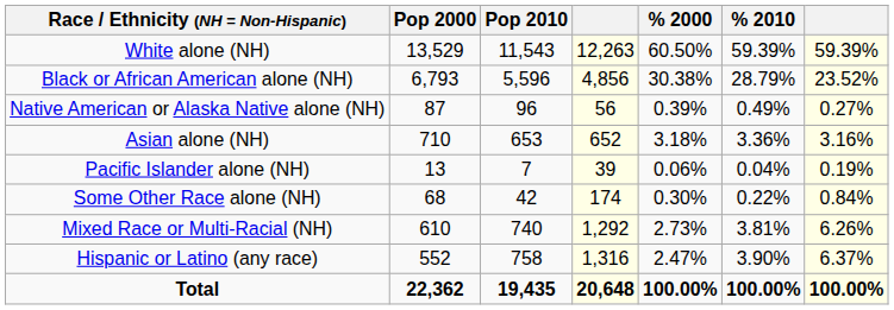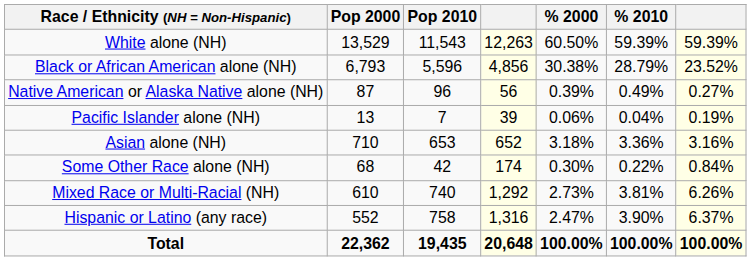 <table class="wikitable"  style="text-align:center;">
 <tr>
 <th>Race / Ethnicity <small>(<em>NH = Non-Hispanic</em>)</small></th>
 <th>Pop 2000</th>
 <th>Pop 2010</th>
 <th></th>
 <th>% 2000</th>
 <th>% 2010</th>
 <th></th>
 </tr>
 <tr>
 <td><a href='#'>White</a> alone (NH)</td>
 <td>13,529</td>
 <td>11,543</td>
 <td style='background: #ffffe6;'>12,263</td>
 <td>60.50%</td>
 <td>59.39%</td>
 <td style='background: #ffffe6;'>59.39%</td>
 </tr>
 <tr>
 <td><a href='#'>Black or African American</a> alone (NH)</td>
 <td>6,793</td>
 <td>5,596</td>
 <td style='background: #ffffe6;'>4,856</td>
 <td>30.38%</td>
 <td>28.79%</td>
 <td style='background: #ffffe6;'>23.52%</td>
 </tr>
 <tr>
 <td><a href='#'>Native American</a> or <a href='#'>Alaska Native</a> alone (NH)</td>
 <td>87</td>
 <td>96</td>
 <td style='background: #ffffe6;'>56</td>
 <td>0.39%</td>
 <td>0.49%</td>
 <td style='background: #ffffe6;'>0.27%</td>
 </tr>
 <tr>
+<td><a href='#'>Pacific Islander</a> alone (NH)</td>
+<td>13</td>
+<td>7</td>
+<td style='background: #ffffe6;'>39</td>
+<td>0.06%</td>
+<td>0.04%</td>
+<td style='background: #ffffe6;'>0.19%</td>
+</tr>
+<tr>
 <td><a href='#'>Asian</a> alone (NH)</td>
 <td>710</td>
 <td>653</td>
 <td style='background: #ffffe6;'>652</td>
 <td>3.18%</td>
 <td>3.36%</td>
 <td style='background: #ffffe6;'>3.16%</td>
-</tr>
-<tr>
-<td><a href='#'>Pacific Islander</a> alone (NH)</td>
-<td>13</td>
-<td>7</td>
-<td style='background: #ffffe6;'>39</td>
-<td>0.06%</td>
-<td>0.04%</td>
-<td style='background: #ffffe6;'>0.19%</td>
 </tr>
 <tr>
 <td><a href='#'>Some Other Race</a> alone (NH)</td>
 <td>68</td>
 <td>42</td>
 <td style='background: #ffffe6;'>174</td>
 <td>0.30%</td>
 <td>0.22%</td>
 <td style='background: #ffffe6;'>0.84%</td>
 </tr>
 <tr>
 <td><a href='#'>Mixed Race or Multi-Racial</a> (NH)</td>
 <td>610</td>
 <td>740</td>
 <td style='background: #ffffe6;'>1,292</td>
 <td>2.73%</td>
 <td>3.81%</td>
 <td style='background: #ffffe6;'>6.26%</td>
 </tr>
 <tr>
 <td><a href='#'>Hispanic or Latino</a> (any race)</td>
 <td>552</td>
 <td>758</td>
 <td style='background: #ffffe6;'>1,316</td>
 <td>2.47%</td>
 <td>3.90%</td>
 <td style='background: #ffffe6;'>6.37%</td>
 </tr>
 <tr>
 <td><strong>Total</strong></td>
 <td><strong>22,362</strong></td>
 <td><strong>19,435</strong></td>
 <td style='background: #ffffe6;'><strong>20,648</strong></td>
 <td><strong>100.00%</strong></td>
 <td><strong>100.00%</strong></td>
 <td style='background: #ffffe6;'><strong>100.00%</strong></td>
 </tr>
 </table>
